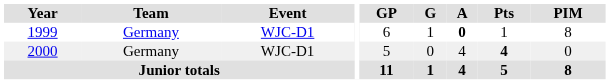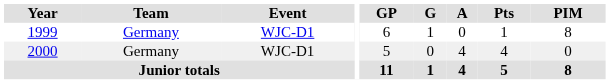 <table border="0" cellpadding="1" cellspacing="0" ID="Table3" style="text-align:center; width:40em">
 <tr ALIGN="center" bgcolor="#e0e0e0">
 <th>Year</th>
 <th>Team</th>
 <th>Event</th>
 <th rowspan="99" bgcolor="#ffffff"></th>
 <th>GP</th>
 <th>G</th>
 <th>A</th>
 <th>Pts</th>
 <th>PIM</th>
 </tr>
 <tr ALIGN="center">
 <td><a href='#'>1999</a></td>
 <td><a href='#'>Germany</a></td>
 <td><a href='#'>WJC-D1</a></td>
 <td>6</td>
 <td>1</td>
-<td><strong>0</strong></td>
+<td>0</td>
 <td>1</td>
 <td>8</td>
 </tr>
 <tr ALIGN="center" bgcolor="#f0f0f0">
 <td><a href='#'>2000</a></td>
 <td>Germany</td>
 <td>WJC-D1</td>
 <td>5</td>
 <td>0</td>
 <td>4</td>
-<td><strong>4</strong></td>
+<td>4</td>
 <td>0</td>
 </tr>
 <tr bgcolor="#e0e0e0">
 <th colspan="3">Junior totals</th>
 <th>11</th>
 <th>1</th>
 <th>4</th>
 <th>5</th>
 <th>8</th>
 </tr>
 </table>
